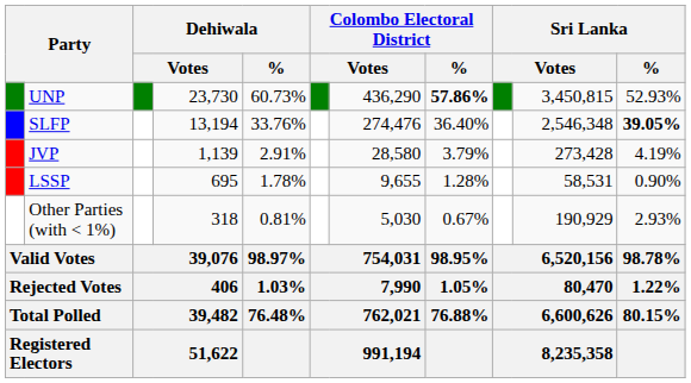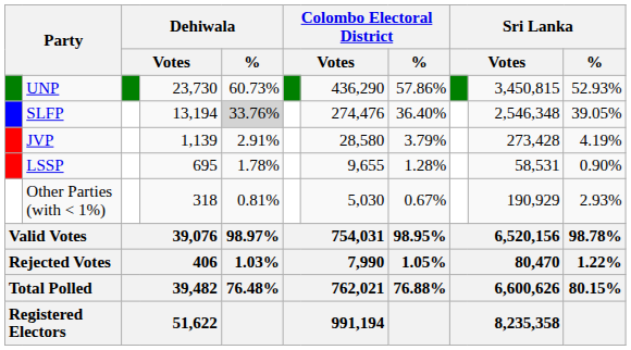 <table class="wikitable">
 <tr>
 <th colspan="2" width="144px"rowspan="2">Party</th>
 <th colspan="3" width="216px">Dehiwala</th>
 <th colspan="3" width="216px"><a href='#'>Colombo Electoral District</a></th>
 <th colspan="3" width="216px">Sri Lanka</th>
 </tr>
 <tr>
 <th colspan="2" width="144px">Votes</th>
 <th>%</th>
 <th colspan="2" width="144px">Votes</th>
 <th>%</th>
 <th colspan="2" width="144px">Votes</th>
 <th>%</th>
 </tr>
 <tr>
 <td style="background-color:green;" width="10px"></td>
 <td style="text-align:left;"><a href='#'>UNP</a></td>
 <td style="background-color:green;" width="10px"></td>
 <td style="text-align:right;">23,730</td>
 <td style="text-align:right;">60.73%</td>
 <td style="background-color:green;" width="10px"></td>
 <td style="text-align:right;">436,290</td>
-<td style="text-align:right;"><strong>57.86%</strong></td>
+<td style="text-align:right;">57.86%</td>
 <td style="background-color:green;" width="10px"></td>
 <td style="text-align:right;">3,450,815</td>
 <td style="text-align:right;">52.93%</td>
 </tr>
 <tr>
 <td style="background-color:blue;" width="10px"></td>
 <td style="text-align:left;"><a href='#'>SLFP</a></td>
 <td style="background-color:white;" width="10px"></td>
 <td style="text-align:right;">13,194</td>
-<td style="text-align:right;">33.76%</td>
+<td style="background: lightgrey; text-align:right;">33.76%</td>
 <td style="background-color:white;" width="10px"></td>
 <td style="text-align:right;">274,476</td>
 <td style="text-align:right;">36.40%</td>
 <td style="background-color:white;" width="10px"></td>
 <td style="text-align:right;">2,546,348</td>
-<td style="text-align:right;"><strong>39.05%</strong></td>
+<td style="text-align:right;">39.05%</td>
 </tr>
 <tr>
 <td style="background-color:red;" width="10px"></td>
 <td style="text-align:left;"><a href='#'>JVP</a></td>
 <td style="background-color:white;" width="10px"></td>
 <td style="text-align:right;">1,139</td>
 <td style="text-align:right;">2.91%</td>
 <td style="background-color:white;" width="10px"></td>
 <td style="text-align:right;">28,580</td>
 <td style="text-align:right;">3.79%</td>
 <td style="background-color:white;" width="10px"></td>
 <td style="text-align:right;">273,428</td>
 <td style="text-align:right;">4.19%</td>
 </tr>
 <tr>
 <td style="background-color:red;" width="10px"></td>
 <td style="text-align:left;"><a href='#'>LSSP</a></td>
 <td style="background-color:white;" width="10px"></td>
 <td style="text-align:right;">695</td>
 <td style="text-align:right;">1.78%</td>
 <td style="background-color:white;" width="10px"></td>
 <td style="text-align:right;">9,655</td>
 <td style="text-align:right;">1.28%</td>
 <td style="background-color:white;" width="10px"></td>
 <td style="text-align:right;">58,531</td>
 <td style="text-align:right;">0.90%</td>
 </tr>
 <tr>
 <td style="background-color:white;" width="10px"></td>
 <td style="text-align:left;">Other Parties (with < 1%)</td>
 <td style="background-color:white;" width="10px"></td>
 <td style="text-align:right;">318</td>
 <td style="text-align:right;">0.81%</td>
 <td style="background-color:white;" width="10px"></td>
 <td style="text-align:right;">5,030</td>
 <td style="text-align:right;">0.67%</td>
 <td style="background-color:white;" width="10px"></td>
 <td style="text-align:right;">190,929</td>
 <td style="text-align:right;">2.93%</td>
 </tr>
 <tr>
 <th colspan="2" width="144px"style="text-align:left;">Valid Votes</th>
 <th style="text-align:right;"colspan="2" width="144px">39,076</th>
 <th style="text-align:right;">98.97%</th>
 <th style="text-align:right;"colspan="2" width="144px">754,031</th>
 <th style="text-align:right;">98.95%</th>
 <th style="text-align:right;"colspan="2" width="144px">6,520,156</th>
 <th style="text-align:right;">98.78%</th>
 </tr>
 <tr>
 <th colspan="2" width="144px"style="text-align:left;">Rejected Votes</th>
 <th style="text-align:right;"colspan="2" width="144px">406</th>
 <th style="text-align:right;">1.03%</th>
 <th style="text-align:right;"colspan="2" width="144px">7,990</th>
 <th style="text-align:right;">1.05%</th>
 <th style="text-align:right;"colspan="2" width="144px">80,470</th>
 <th style="text-align:right;">1.22%</th>
 </tr>
 <tr>
 <th colspan="2" width="144px"style="text-align:left;">Total Polled</th>
 <th style="text-align:right;"colspan="2" width="144px">39,482</th>
 <th style="text-align:right;">76.48%</th>
 <th style="text-align:right;"colspan="2" width="144px">762,021</th>
 <th style="text-align:right;">76.88%</th>
 <th style="text-align:right;"colspan="2" width="144px">6,600,626</th>
 <th style="text-align:right;">80.15%</th>
 </tr>
 <tr>
 <th colspan="2" width="144px"style="text-align:left;">Registered Electors</th>
 <th style="text-align:right;"colspan="2" width="144px">51,622</th>
 <th></th>
 <th style="text-align:right;"colspan="2" width="144px">991,194</th>
 <th></th>
 <th style="text-align:right;"colspan="2" width="144px">8,235,358</th>
 <th></th>
 </tr>
 </table>
